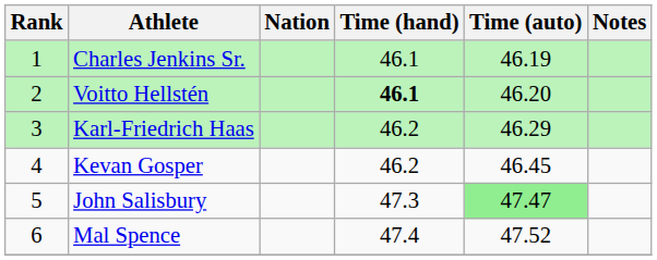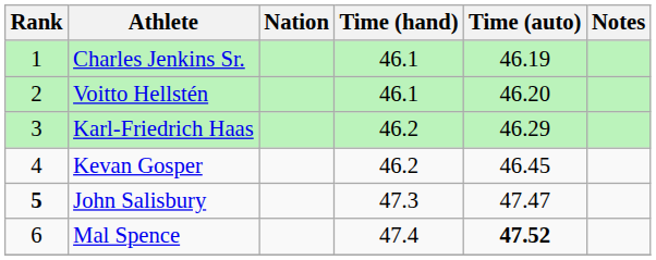 <table class="wikitable sortable" style="text-align:center">
 <tr>
 <th>Rank</th>
 <th>Athlete</th>
 <th>Nation</th>
 <th>Time (hand)</th>
 <th>Time (auto)</th>
 <th>Notes</th>
 </tr>
 <tr bgcolor=bbf3bb>
 <td>1</td>
 <td align=left><a href='#'>Charles Jenkins Sr.</a></td>
 <td align=left></td>
 <td>46.1</td>
 <td>46.19</td>
 <td></td>
 </tr>
 <tr bgcolor=bbf3bb>
 <td>2</td>
 <td align=left><a href='#'>Voitto Hellstén</a></td>
 <td align=left></td>
-<td><strong>46.1</strong></td>
+<td>46.1</td>
 <td>46.20</td>
 <td></td>
 </tr>
 <tr bgcolor=bbf3bb>
 <td>3</td>
 <td align=left><a href='#'>Karl-Friedrich Haas</a></td>
 <td align=left></td>
 <td>46.2</td>
 <td>46.29</td>
 <td></td>
 </tr>
 <tr>
 <td>4</td>
 <td align=left><a href='#'>Kevan Gosper</a></td>
 <td align=left></td>
 <td>46.2</td>
 <td>46.45</td>
 <td></td>
 </tr>
 <tr>
-<td>5</td>
+<td><strong>5</strong></td>
 <td align=left><a href='#'>John Salisbury</a></td>
 <td align=left></td>
 <td>47.3</td>
-<td style="background: lightgreen;">47.47</td>
+<td>47.47</td>
 <td></td>
 </tr>
 <tr>
 <td>6</td>
 <td align=left><a href='#'>Mal Spence</a></td>
 <td align=left></td>
 <td>47.4</td>
-<td>47.52</td>
+<td><strong>47.52</strong></td>
 <td></td>
 </tr>
 <tr>
 </tr>
 </table>
